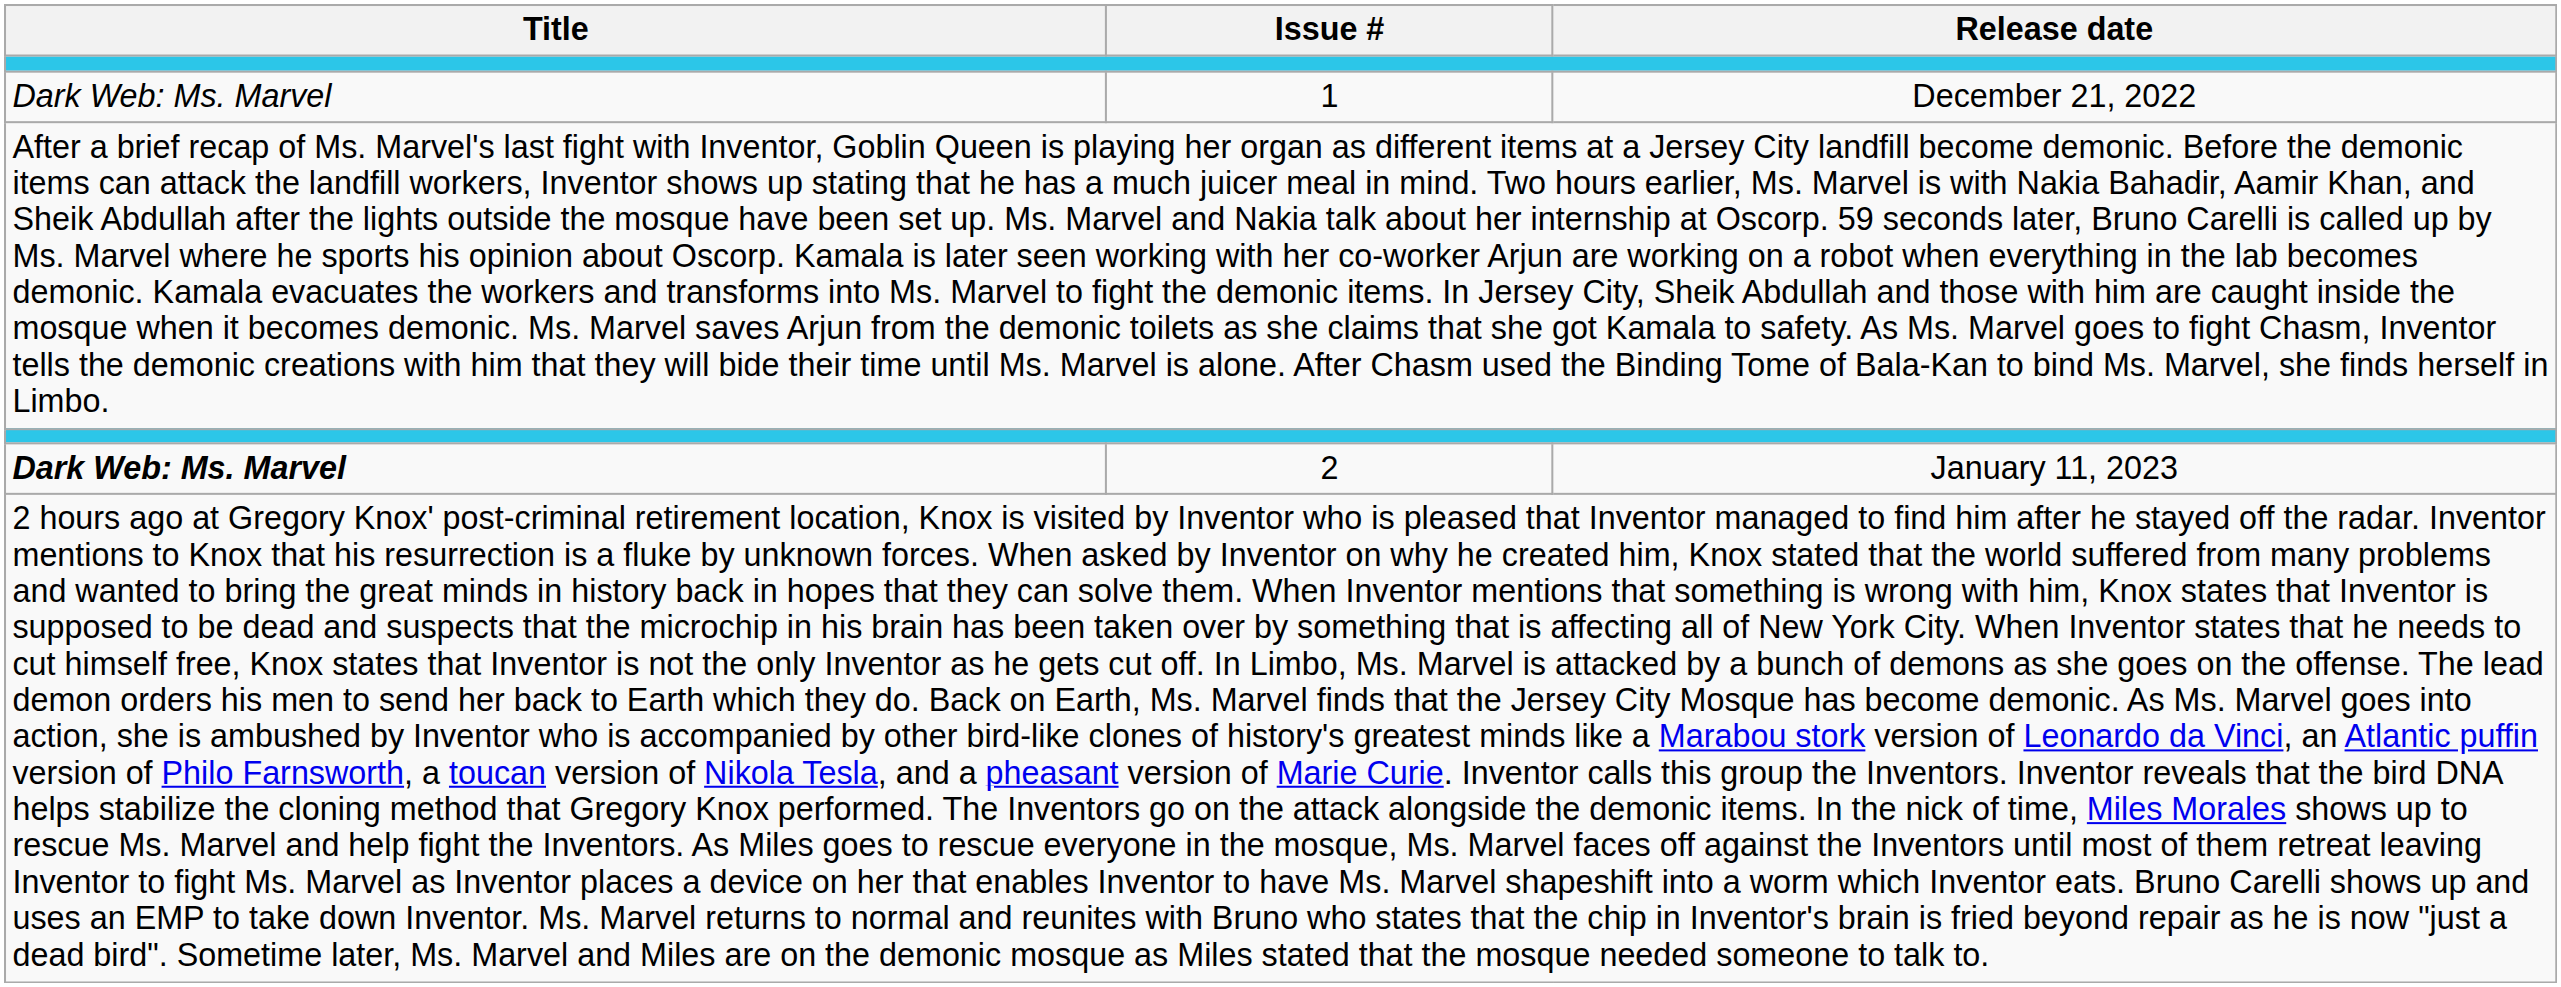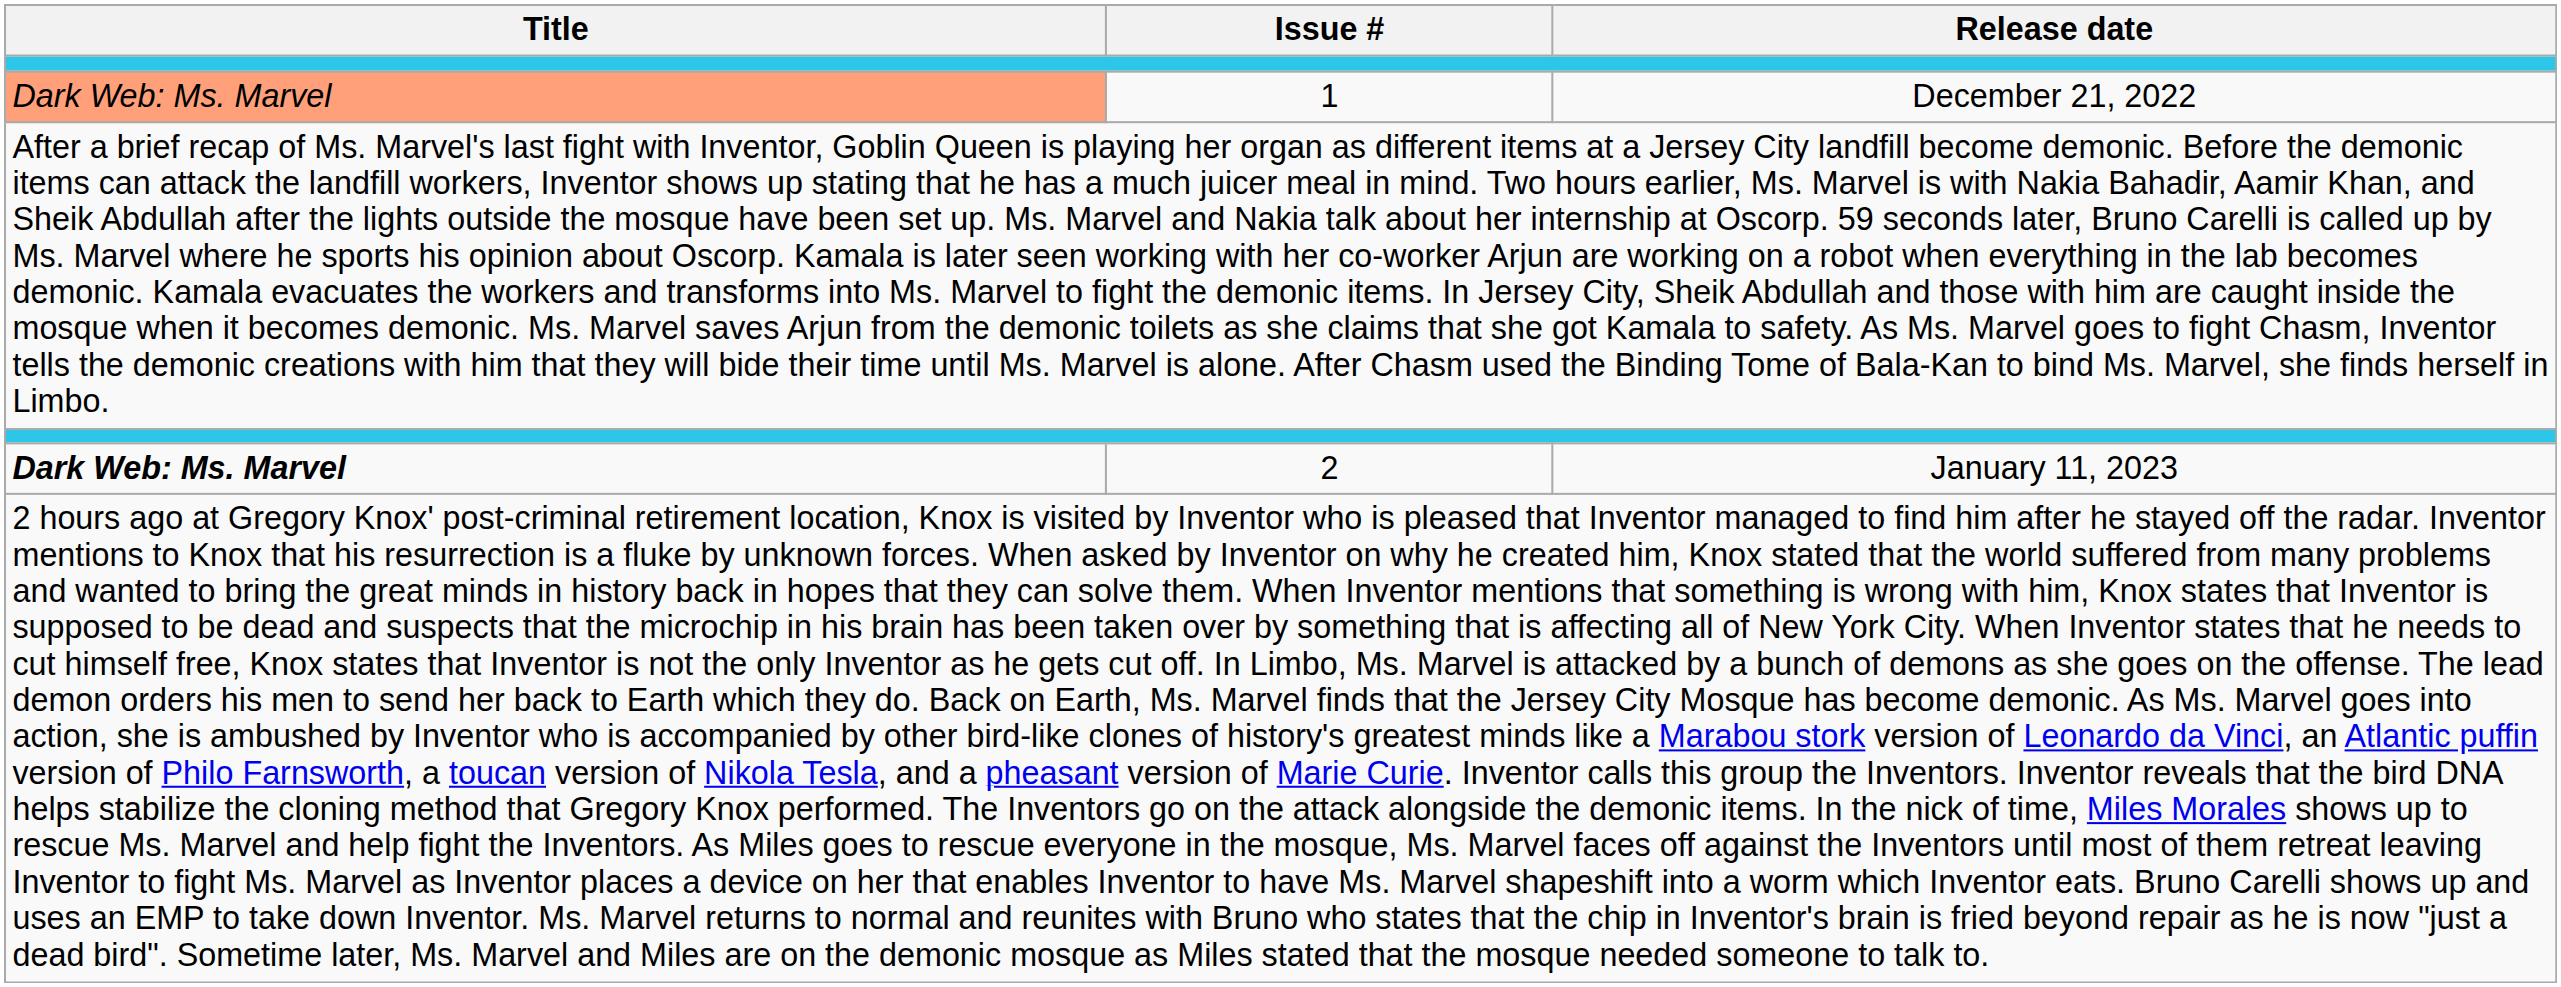 <table class="wikitable" style="width:100%;">
 <tr>
 <th>Title</th>
 <th>Issue #</th>
 <th>Release date</th>
 </tr>
 <tr>
 <td colspan="6" style="background:#2CC6E8;"></td>
 </tr>
 <tr>
-<td><em>Dark Web: Ms. Marvel</em></td>
+<td style="background: lightsalmon;"><em>Dark Web: Ms. Marvel</em></td>
 <td style="text-align:center;">1</td>
 <td style="text-align:center;">December 21, 2022</td>
 </tr>
 <tr>
 <td colspan="6">After a brief recap of Ms. Marvel's last fight with Inventor, Goblin Queen is playing her organ as different items at a Jersey City landfill become demonic. Before the demonic items can attack the landfill workers, Inventor shows up stating that he has a much juicer meal in mind. Two hours earlier, Ms. Marvel is with Nakia Bahadir, Aamir Khan, and Sheik Abdullah after the lights outside the mosque have been set up. Ms. Marvel and Nakia talk about her internship at Oscorp. 59 seconds later, Bruno Carelli is called up by Ms. Marvel where he sports his opinion about Oscorp. Kamala is later seen working with her co-worker Arjun are working on a robot when everything in the lab becomes demonic. Kamala evacuates the workers and transforms into Ms. Marvel to fight the demonic items. In Jersey City, Sheik Abdullah and those with him are caught inside the mosque when it becomes demonic. Ms. Marvel saves Arjun from the demonic toilets as she claims that she got Kamala to safety. As Ms. Marvel goes to fight Chasm, Inventor tells the demonic creations with him that they will bide their time until Ms. Marvel is alone. After Chasm used the Binding Tome of Bala-Kan to bind Ms. Marvel, she finds herself in Limbo.</td>
 </tr>
 <tr>
 <td colspan="6" style="background:#2CC6E8;"></td>
 </tr>
 <tr>
 <td><strong><em>Dark Web: Ms. Marvel</em></strong></td>
 <td style="text-align:center;">2</td>
 <td style="text-align:center;">January 11, 2023</td>
 </tr>
 <tr>
 <td colspan="6">2 hours ago at Gregory Knox' post-criminal retirement location, Knox is visited by Inventor who is pleased that Inventor managed to find him after he stayed off the radar. Inventor mentions to Knox that his resurrection is a fluke by unknown forces. When asked by Inventor on why he created him, Knox stated that the world suffered from many problems and wanted to bring the great minds in history back in hopes that they can solve them. When Inventor mentions that something is wrong with him, Knox states that Inventor is supposed to be dead and suspects that the microchip in his brain has been taken over by something that is affecting all of New York City. When Inventor states that he needs to cut himself free, Knox states that Inventor is not the only Inventor as he gets cut off. In Limbo, Ms. Marvel is attacked by a bunch of demons as she goes on the offense. The lead demon orders his men to send her back to Earth which they do. Back on Earth, Ms. Marvel finds that the Jersey City Mosque has become demonic. As Ms. Marvel goes into action, she is ambushed by Inventor who is accompanied by other bird-like clones of history's greatest minds like a <a href='#'>Marabou stork</a> version of <a href='#'>Leonardo da Vinci</a>, an <a href='#'>Atlantic puffin</a> version of <a href='#'>Philo Farnsworth</a>, a <a href='#'>toucan</a> version of <a href='#'>Nikola Tesla</a>, and a <a href='#'>pheasant</a> version of <a href='#'>Marie Curie</a>. Inventor calls this group the Inventors. Inventor reveals that the bird DNA helps stabilize the cloning method that Gregory Knox performed. The Inventors go on the attack alongside the demonic items. In the nick of time, <a href='#'>Miles Morales</a> shows up to rescue Ms. Marvel and help fight the Inventors. As Miles goes to rescue everyone in the mosque, Ms. Marvel faces off against the Inventors until most of them retreat leaving Inventor to fight Ms. Marvel as Inventor places a device on her that enables Inventor to have Ms. Marvel shapeshift into a worm which Inventor eats. Bruno Carelli shows up and uses an EMP to take down Inventor. Ms. Marvel returns to normal and reunites with Bruno who states that the chip in Inventor's brain is fried beyond repair as he is now "just a dead bird". Sometime later, Ms. Marvel and Miles are on the demonic mosque as Miles stated that the mosque needed someone to talk to.</td>
 </tr>
 <tr>
 </tr>
 </table>
